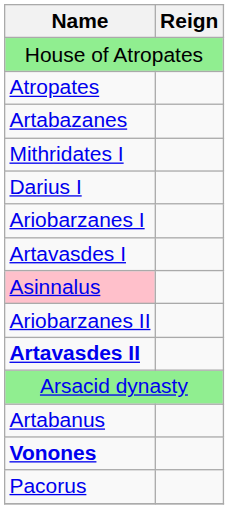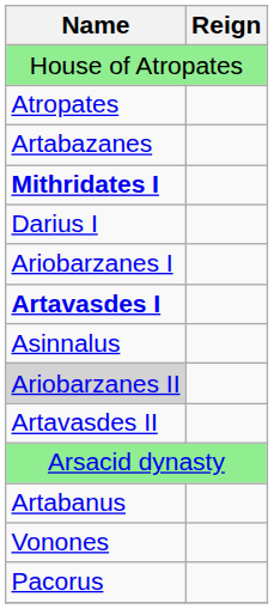 <table class=wikitable>
 <tr>
 <th>Name</th>
 <th>Reign</th>
 </tr>
 <tr>
 <td colspan="10" align=center style="background-color:Lightgreen">House of Atropates</td>
 </tr>
 <tr>
 <td><a href='#'>Atropates</a></td>
 <td></td>
 </tr>
 <tr>
 <td><a href='#'>Artabazanes</a></td>
 <td></td>
 </tr>
 <tr>
-<td><a href='#'>Mithridates I</a></td>
+<td><strong><a href='#'>Mithridates I</a></strong></td>
 <td></td>
 </tr>
 <tr>
 <td><a href='#'>Darius I</a></td>
 <td></td>
 </tr>
 <tr>
 <td><a href='#'>Ariobarzanes I</a></td>
 <td></td>
 </tr>
 <tr>
-<td><a href='#'>Artavasdes I</a></td>
+<td><strong><a href='#'>Artavasdes I</a></strong></td>
 <td></td>
 </tr>
 <tr>
-<td style="background: pink;"><a href='#'>Asinnalus</a></td>
+<td><a href='#'>Asinnalus</a></td>
 <td></td>
 </tr>
 <tr>
-<td><a href='#'>Ariobarzanes II</a></td>
+<td style="background: lightgrey;"><a href='#'>Ariobarzanes II</a></td>
 <td></td>
 </tr>
 <tr>
-<td><strong><a href='#'>Artavasdes II</a></strong></td>
+<td><a href='#'>Artavasdes II</a></td>
 <td></td>
 </tr>
 <tr>
 <td colspan="10" align=center style="background-color:Lightgreen"><a href='#'>Arsacid dynasty</a></td>
 </tr>
 <tr>
 <td><a href='#'>Artabanus</a></td>
 <td></td>
 </tr>
 <tr>
-<td><strong><a href='#'>Vonones</a></strong></td>
+<td><a href='#'>Vonones</a></td>
 <td></td>
 </tr>
 <tr>
 <td><a href='#'>Pacorus</a></td>
 <td></td>
 </tr>
 <tr>
 </tr>
 </table>
